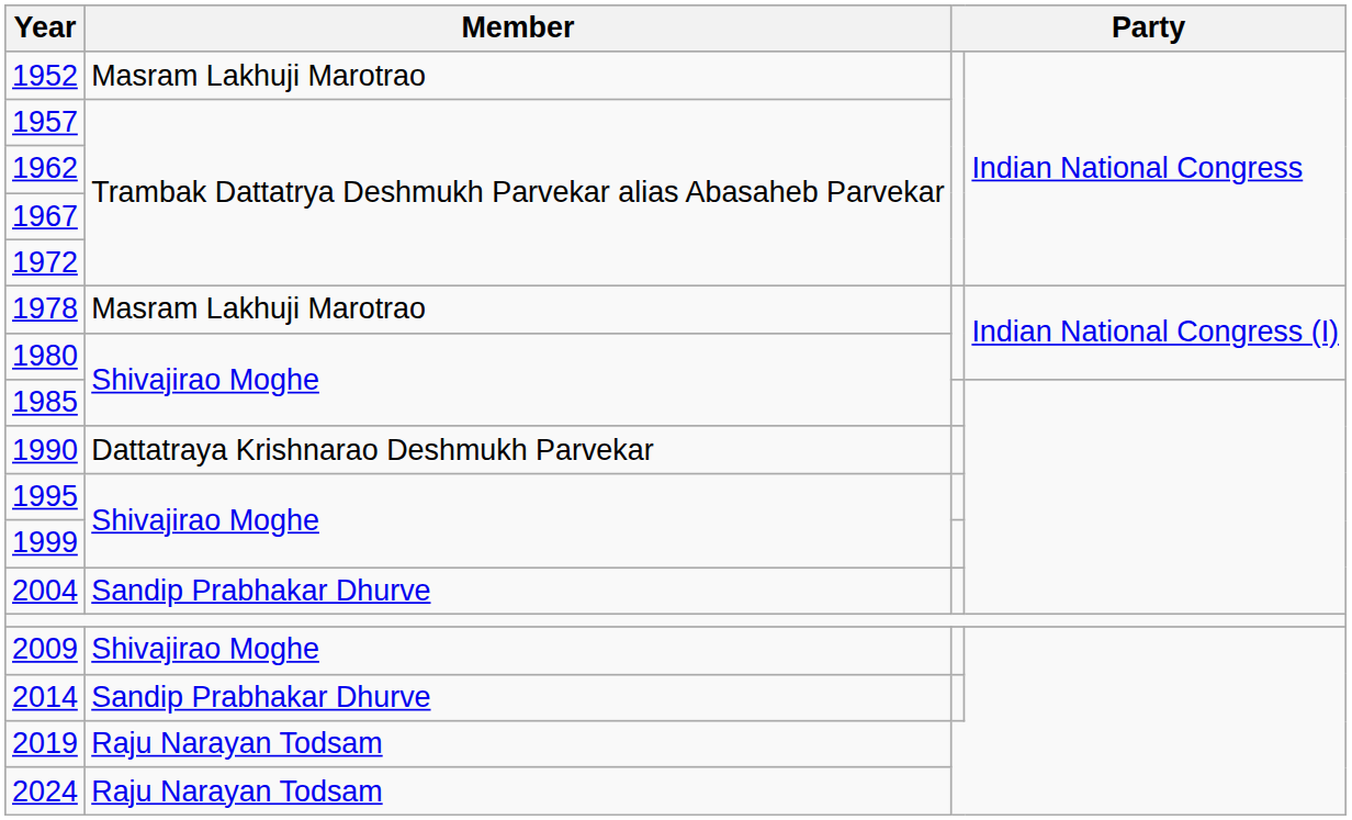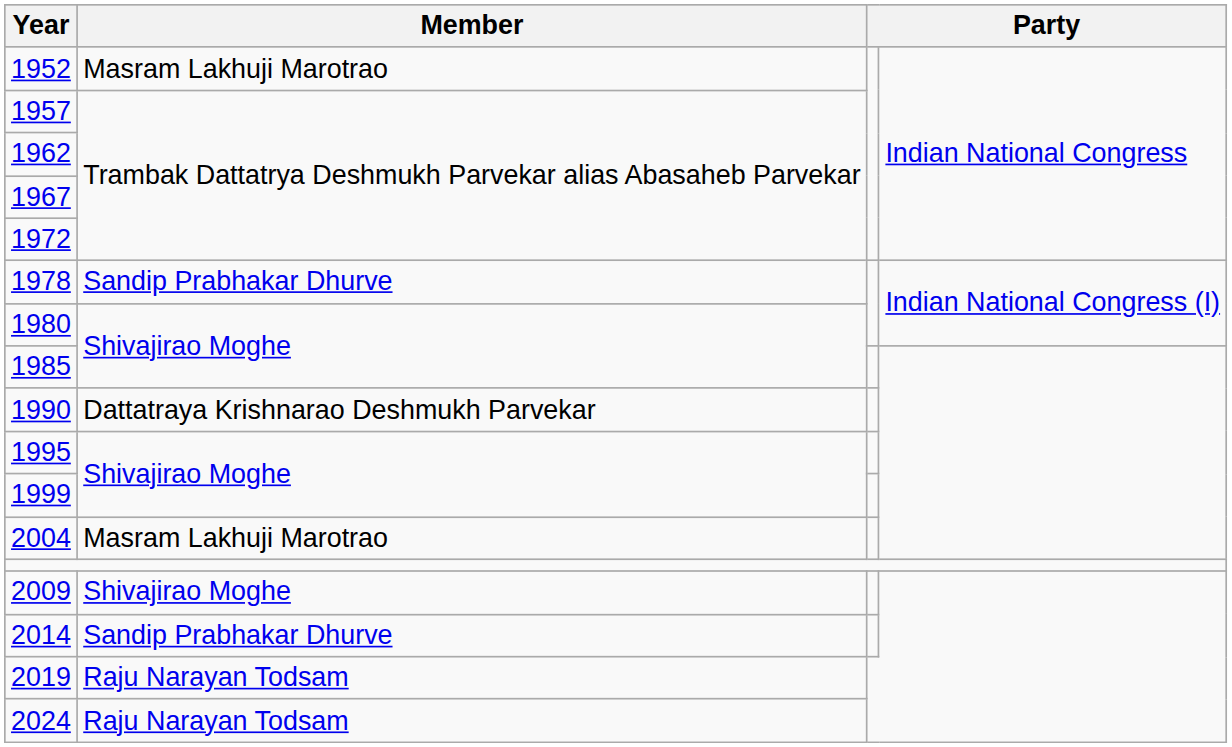 <table class="wikitable sortable">
 <tr>
 <th>Year</th>
 <th>Member</th>
 <th colspan="2">Party</th>
 </tr>
 <tr>
 <td><a href='#'>1952</a></td>
 <td>Masram Lakhuji Marotrao</td>
 <td rowspan="5" style="background-color: "></td>
 <td rowspan="5"><a href='#'>Indian National Congress</a></td>
 </tr>
 <tr>
 <td><a href='#'>1957</a></td>
 <td rowspan="4”">Trambak Dattatrya Deshmukh Parvekar alias Abasaheb Parvekar</td>
 </tr>
 <tr>
 <td><a href='#'>1962</a></td>
 </tr>
 <tr>
 <td><a href='#'>1967</a></td>
 </tr>
 <tr>
 <td><a href='#'>1972</a></td>
 </tr>
 <tr>
 <td><a href='#'>1978</a></td>
-<td>Masram Lakhuji Marotrao</td>
+<td><a href='#'>Sandip Prabhakar Dhurve</a></td>
 <td rowspan="2" style="background-color: "></td>
 <td rowspan="2"><a href='#'>Indian National Congress (I)</a></td>
 </tr>
 <tr>
 <td><a href='#'>1980</a></td>
 <td rowspan="2"><a href='#'>Shivajirao Moghe</a></td>
 </tr>
 <tr>
 <td><a href='#'>1985</a></td>
 <td></td>
 </tr>
 <tr>
 <td><a href='#'>1990</a></td>
 <td>Dattatraya Krishnarao Deshmukh Parvekar</td>
 <td></td>
 </tr>
 <tr>
 <td><a href='#'>1995</a></td>
 <td rowspan="2"><a href='#'>Shivajirao Moghe</a></td>
 <td></td>
 </tr>
 <tr>
 <td><a href='#'>1999</a></td>
 <td></td>
 </tr>
 <tr>
 <td><a href='#'>2004</a></td>
-<td><a href='#'>Sandip Prabhakar Dhurve</a></td>
+<td>Masram Lakhuji Marotrao</td>
 <td></td>
 </tr>
 <tr>
 <td colspan="4"></td>
 </tr>
 <tr>
 <td><a href='#'>2009</a></td>
 <td><a href='#'>Shivajirao Moghe</a></td>
 <td></td>
 </tr>
 <tr>
 <td><a href='#'>2014</a></td>
 <td><a href='#'>Sandip Prabhakar Dhurve</a></td>
 <td></td>
 </tr>
 <tr>
 <td><a href='#'>2019</a></td>
 <td><a href='#'>Raju Narayan Todsam</a></td>
 </tr>
 <tr>
 <td><a href='#'>2024</a></td>
 <td><a href='#'>Raju Narayan Todsam</a></td>
 </tr>
 </table>
